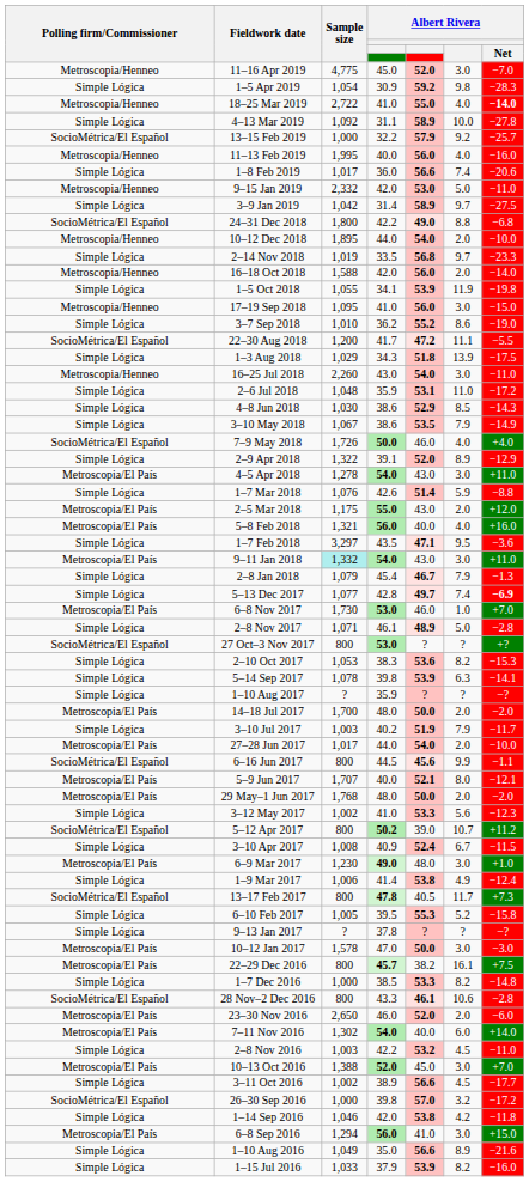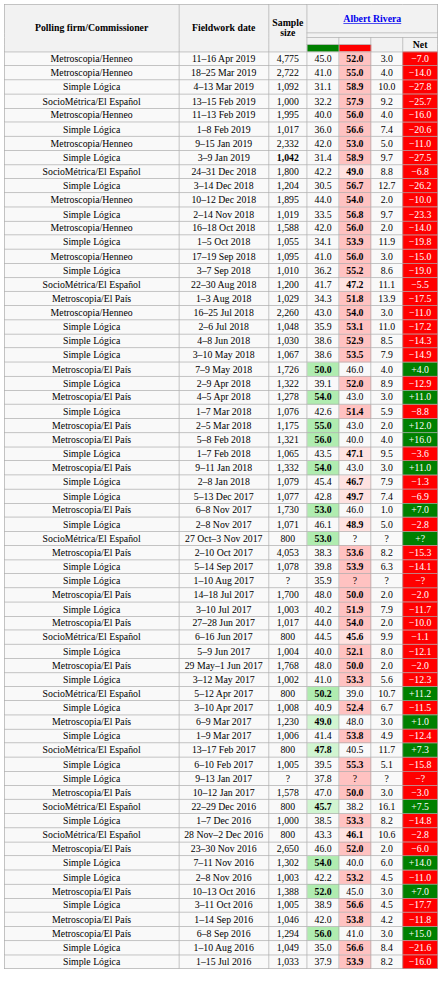 <table class="wikitable collapsible collapsed" style="text-align:center; font-size:90%; line-height:14px;">
 <tr style="height:42px;">
 <th style="width:250px;" rowspan="4">Polling firm/Commissioner</th>
 <th style="width:125px;" rowspan="4">Fieldwork date</th>
 <th style="width:50px;" rowspan="4">Sample size</th>
 <th style="width:185px;" colspan="4"><a href='#'>Albert Rivera</a><br></th>
 </tr>
 <tr>
 <th colspan="4" style="background:"></th>
 </tr>
 <tr>
 <th style="width:30px;"></th>
 <th style="width:30px;"></th>
 <th style="width:30px;" rowspan="2"></th>
 <th style="width:30px;" rowspan="2">Net</th>
 </tr>
 <tr>
 <th style="color:inherit;background:#008000;"></th>
 <th style="color:inherit;background:#FF0000;"></th>
 </tr>
 <tr>
 <td>Metroscopia/Henneo</td>
 <td>11–16 Apr 2019</td>
 <td>4,775</td>
 <td>45.0</td>
 <td style="background:#FFC2C1;"><strong>52.0</strong></td>
 <td>3.0</td>
 <td style="background:#FF0000; color:white;">−7.0</td>
 </tr>
 <tr>
-<td>Simple Lógica</td>
-<td>1–5 Apr 2019</td>
-<td>1,054</td>
-<td>30.9</td>
-<td style="background:#FFC2C1;"><strong>59.2</strong></td>
-<td>9.8</td>
-<td style="background:#FF0000; color:white;">−28.3</td>
-</tr>
-<tr>
 <td>Metroscopia/Henneo</td>
 <td>18–25 Mar 2019</td>
 <td>2,722</td>
 <td>41.0</td>
 <td style="background:#FFC2C1;"><strong>55.0</strong></td>
 <td>4.0</td>
-<td style="background:#FF0000; color:white;"><strong>−14.0</strong></td>
+<td style="background:#FF0000; color:white;">−14.0</td>
 </tr>
 <tr>
 <td>Simple Lógica</td>
 <td>4–13 Mar 2019</td>
 <td>1,092</td>
 <td>31.1</td>
 <td style="background:#FFC2C1;"><strong>58.9</strong></td>
 <td>10.0</td>
 <td style="background:#FF0000; color:white;">−27.8</td>
 </tr>
 <tr>
 <td>SocioMétrica/El Español</td>
 <td>13–15 Feb 2019</td>
 <td>1,000</td>
 <td>32.2</td>
 <td style="background:#FFC2C1;"><strong>57.9</strong></td>
 <td>9.2</td>
 <td style="background:#FF0000; color:white;">−25.7</td>
 </tr>
 <tr>
 <td>Metroscopia/Henneo</td>
 <td>11–13 Feb 2019</td>
 <td>1,995</td>
 <td>40.0</td>
 <td style="background:#FFC2C1;"><strong>56.0</strong></td>
 <td>4.0</td>
 <td style="background:#FF0000; color:white;">−16.0</td>
 </tr>
 <tr>
 <td>Simple Lógica</td>
 <td>1–8 Feb 2019</td>
 <td>1,017</td>
 <td>36.0</td>
 <td style="background:#FFC2C1;"><strong>56.6</strong></td>
 <td>7.4</td>
 <td style="background:#FF0000; color:white;">−20.6</td>
 </tr>
 <tr>
 <td>Metroscopia/Henneo</td>
 <td>9–15 Jan 2019</td>
 <td>2,332</td>
 <td>42.0</td>
 <td style="background:#FFC2C1;"><strong>53.0</strong></td>
 <td>5.0</td>
 <td style="background:#FF0000; color:white;">−11.0</td>
 </tr>
 <tr>
 <td>Simple Lógica</td>
 <td>3–9 Jan 2019</td>
-<td>1,042</td>
+<td><strong>1,042</strong></td>
 <td>31.4</td>
 <td style="background:#FFC2C1;"><strong>58.9</strong></td>
 <td>9.7</td>
 <td style="background:#FF0000; color:white;">−27.5</td>
 </tr>
 <tr>
 <td>SocioMétrica/El Español</td>
 <td>24–31 Dec 2018</td>
 <td>1,800</td>
 <td>42.2</td>
 <td style="background:#FFE2E1;"><strong>49.0</strong></td>
 <td>8.8</td>
 <td style="background:#FF0000; color:white;">−6.8</td>
+</tr>
+<tr>
+<td>Simple Lógica</td>
+<td>3–14 Dec 2018</td>
+<td>1,204</td>
+<td>30.5</td>
+<td style="background:#FFC2C1;"><strong>56.7</strong></td>
+<td>12.7</td>
+<td style="background:#FF0000; color:white;">−26.2</td>
 </tr>
 <tr>
 <td>Metroscopia/Henneo</td>
 <td>10–12 Dec 2018</td>
 <td>1,895</td>
 <td>44.0</td>
 <td style="background:#FFC2C1;"><strong>54.0</strong></td>
 <td>2.0</td>
 <td style="background:#FF0000; color:white;">−10.0</td>
 </tr>
 <tr>
 <td>Simple Lógica</td>
 <td>2–14 Nov 2018</td>
 <td>1,019</td>
 <td>33.5</td>
 <td style="background:#FFC2C1;"><strong>56.8</strong></td>
 <td>9.7</td>
 <td style="background:#FF0000; color:white;">−23.3</td>
 </tr>
 <tr>
 <td>Metroscopia/Henneo</td>
 <td>16–18 Oct 2018</td>
 <td>1,588</td>
 <td>42.0</td>
 <td style="background:#FFC2C1;"><strong>56.0</strong></td>
 <td>2.0</td>
 <td style="background:#FF0000; color:white;">−14.0</td>
 </tr>
 <tr>
 <td>Simple Lógica</td>
 <td>1–5 Oct 2018</td>
 <td>1,055</td>
 <td>34.1</td>
 <td style="background:#FFC2C1;"><strong>53.9</strong></td>
 <td>11.9</td>
 <td style="background:#FF0000; color:white;">−19.8</td>
 </tr>
 <tr>
 <td>Metroscopia/Henneo</td>
 <td>17–19 Sep 2018</td>
 <td>1,095</td>
 <td>41.0</td>
 <td style="background:#FFC2C1;"><strong>56.0</strong></td>
 <td>3.0</td>
 <td style="background:#FF0000; color:white;">−15.0</td>
 </tr>
 <tr>
 <td>Simple Lógica</td>
 <td>3–7 Sep 2018</td>
 <td>1,010</td>
 <td>36.2</td>
 <td style="background:#FFC2C1;"><strong>55.2</strong></td>
 <td>8.6</td>
 <td style="background:#FF0000; color:white;">−19.0</td>
 </tr>
 <tr>
 <td>SocioMétrica/El Español</td>
 <td>22–30 Aug 2018</td>
 <td>1,200</td>
 <td>41.7</td>
 <td style="background:#FFE2E1;"><strong>47.2</strong></td>
 <td>11.1</td>
 <td style="background:#FF0000; color:white;">−5.5</td>
 </tr>
 <tr>
-<td>Simple Lógica</td>
+<td>Metroscopia/El País</td>
 <td>1–3 Aug 2018</td>
 <td>1,029</td>
 <td>34.3</td>
 <td style="background:#FFC2C1;"><strong>51.8</strong></td>
 <td>13.9</td>
 <td style="background:#FF0000; color:white;">−17.5</td>
 </tr>
 <tr>
 <td>Metroscopia/Henneo</td>
 <td>16–25 Jul 2018</td>
 <td>2,260</td>
 <td>43.0</td>
 <td style="background:#FFC2C1;"><strong>54.0</strong></td>
 <td>3.0</td>
 <td style="background:#FF0000; color:white;">−11.0</td>
 </tr>
 <tr>
 <td>Simple Lógica</td>
 <td>2–6 Jul 2018</td>
 <td>1,048</td>
 <td>35.9</td>
 <td style="background:#FFC2C1;"><strong>53.1</strong></td>
 <td>11.0</td>
 <td style="background:#FF0000; color:white;">−17.2</td>
 </tr>
 <tr>
 <td>Simple Lógica</td>
 <td>4–8 Jun 2018</td>
 <td>1,030</td>
 <td>38.6</td>
 <td style="background:#FFC2C1;"><strong>52.9</strong></td>
 <td>8.5</td>
 <td style="background:#FF0000; color:white;">−14.3</td>
 </tr>
 <tr>
 <td>Simple Lógica</td>
 <td>3–10 May 2018</td>
 <td>1,067</td>
 <td>38.6</td>
 <td style="background:#FFC2C1;"><strong>53.5</strong></td>
 <td>7.9</td>
 <td style="background:#FF0000; color:white;">−14.9</td>
 </tr>
 <tr>
-<td>SocioMétrica/El Español</td>
+<td>Metroscopia/El País</td>
 <td>7–9 May 2018</td>
 <td>1,726</td>
 <td style="background:#B0ECB0;"><strong>50.0</strong></td>
 <td>46.0</td>
 <td>4.0</td>
 <td style="background:#008000; color:white;">+4.0</td>
 </tr>
 <tr>
 <td>Simple Lógica</td>
 <td>2–9 Apr 2018</td>
 <td>1,322</td>
 <td>39.1</td>
 <td style="background:#FFC2C1;"><strong>52.0</strong></td>
 <td>8.9</td>
 <td style="background:#FF0000; color:white;">−12.9</td>
 </tr>
 <tr>
 <td>Metroscopia/El País</td>
 <td>4–5 Apr 2018</td>
 <td>1,278</td>
 <td style="background:#B0ECB0;"><strong>54.0</strong></td>
 <td>43.0</td>
 <td>3.0</td>
 <td style="background:#008000; color:white;">+11.0</td>
 </tr>
 <tr>
 <td>Simple Lógica</td>
 <td>1–7 Mar 2018</td>
 <td>1,076</td>
 <td>42.6</td>
 <td style="background:#FFC2C1;"><strong>51.4</strong></td>
 <td>5.9</td>
 <td style="background:#FF0000; color:white;">−8.8</td>
 </tr>
 <tr>
 <td>Metroscopia/El País</td>
 <td>2–5 Mar 2018</td>
 <td>1,175</td>
 <td style="background:#B0ECB0;"><strong>55.0</strong></td>
 <td>43.0</td>
 <td>2.0</td>
 <td style="background:#008000; color:white;">+12.0</td>
 </tr>
 <tr>
 <td>Metroscopia/El País</td>
 <td>5–8 Feb 2018</td>
 <td>1,321</td>
 <td style="background:#B0ECB0;"><strong>56.0</strong></td>
 <td>40.0</td>
 <td>4.0</td>
 <td style="background:#008000; color:white;">+16.0</td>
 </tr>
 <tr>
 <td>Simple Lógica</td>
 <td>1–7 Feb 2018</td>
-<td>3,297</td>
+<td>1,065</td>
 <td>43.5</td>
 <td style="background:#FFE2E1;"><strong>47.1</strong></td>
 <td>9.5</td>
 <td style="background:#FF0000; color:white;">−3.6</td>
 </tr>
 <tr>
 <td>Metroscopia/El País</td>
 <td>9–11 Jan 2018</td>
-<td style="background: paleturquoise;">1,332</td>
+<td>1,332</td>
 <td style="background:#B0ECB0;"><strong>54.0</strong></td>
 <td>43.0</td>
 <td>3.0</td>
 <td style="background:#008000; color:white;">+11.0</td>
 </tr>
 <tr>
 <td>Simple Lógica</td>
 <td>2–8 Jan 2018</td>
 <td>1,079</td>
 <td>45.4</td>
 <td style="background:#FFE2E1;"><strong>46.7</strong></td>
 <td>7.9</td>
 <td style="background:#FF0000; color:white;">−1.3</td>
 </tr>
 <tr>
 <td>Simple Lógica</td>
 <td>5–13 Dec 2017</td>
 <td>1,077</td>
 <td>42.8</td>
 <td style="background:#FFE2E1;"><strong>49.7</strong></td>
 <td>7.4</td>
-<td style="background:#FF0000; color:white;"><strong>−6.9</strong></td>
+<td style="background:#FF0000; color:white;">−6.9</td>
 </tr>
 <tr>
 <td>Metroscopia/El País</td>
 <td>6–8 Nov 2017</td>
 <td>1,730</td>
 <td style="background:#B0ECB0;"><strong>53.0</strong></td>
 <td>46.0</td>
 <td>1.0</td>
 <td style="background:#008000; color:white;">+7.0</td>
 </tr>
 <tr>
 <td>Simple Lógica</td>
 <td>2–8 Nov 2017</td>
 <td>1,071</td>
 <td>46.1</td>
 <td style="background:#FFE2E1;"><strong>48.9</strong></td>
 <td>5.0</td>
 <td style="background:#FF0000; color:white;">−2.8</td>
 </tr>
 <tr>
 <td>SocioMétrica/El Español</td>
 <td>27 Oct–3 Nov 2017</td>
 <td>800</td>
 <td style="background:#B0ECB0;"><strong>53.0</strong></td>
 <td>?</td>
 <td>?</td>
 <td style="background:#008000; color:white;">+?</td>
 </tr>
 <tr>
-<td>Simple Lógica</td>
+<td>Metroscopia/El País</td>
 <td>2–10 Oct 2017</td>
-<td>1,053</td>
+<td>4,053</td>
 <td>38.3</td>
 <td style="background:#FFC2C1;"><strong>53.6</strong></td>
 <td>8.2</td>
 <td style="background:#FF0000; color:white;">−15.3</td>
 </tr>
 <tr>
 <td>Simple Lógica</td>
 <td>5–14 Sep 2017</td>
 <td>1,078</td>
 <td>39.8</td>
 <td style="background:#FFC2C1;"><strong>53.9</strong></td>
 <td>6.3</td>
 <td style="background:#FF0000; color:white;">−14.1</td>
 </tr>
 <tr>
 <td>Simple Lógica</td>
 <td>1–10 Aug 2017</td>
 <td>?</td>
 <td>35.9</td>
 <td style="background:#FFC2C1;">?</td>
 <td>?</td>
 <td style="background:#FF0000; color:white;">−?</td>
 </tr>
 <tr>
 <td>Metroscopia/El País</td>
 <td>14–18 Jul 2017</td>
 <td>1,700</td>
 <td>48.0</td>
 <td style="background:#FFC2C1;"><strong>50.0</strong></td>
 <td>2.0</td>
 <td style="background:#FF0000; color:white;">−2.0</td>
 </tr>
 <tr>
 <td>Simple Lógica</td>
 <td>3–10 Jul 2017</td>
 <td>1,003</td>
 <td>40.2</td>
 <td style="background:#FFC2C1;"><strong>51.9</strong></td>
 <td>7.9</td>
 <td style="background:#FF0000; color:white;">−11.7</td>
 </tr>
 <tr>
 <td>Metroscopia/El País</td>
 <td>27–28 Jun 2017</td>
 <td>1,017</td>
 <td>44.0</td>
 <td style="background:#FFC2C1;"><strong>54.0</strong></td>
 <td>2.0</td>
 <td style="background:#FF0000; color:white;">−10.0</td>
 </tr>
 <tr>
 <td>SocioMétrica/El Español</td>
 <td>6–16 Jun 2017</td>
 <td>800</td>
 <td>44.5</td>
 <td style="background:#FFE2E1;"><strong>45.6</strong></td>
 <td>9.9</td>
 <td style="background:#FF0000; color:white;">−1.1</td>
 </tr>
 <tr>
-<td>Metroscopia/El País</td>
+<td>Simple Lógica</td>
 <td>5–9 Jun 2017</td>
-<td>1,707</td>
+<td>1,004</td>
 <td>40.0</td>
 <td style="background:#FFC2C1;"><strong>52.1</strong></td>
 <td>8.0</td>
 <td style="background:#FF0000; color:white;">−12.1</td>
 </tr>
 <tr>
 <td>Metroscopia/El País</td>
 <td>29 May–1 Jun 2017</td>
 <td>1,768</td>
 <td>48.0</td>
 <td style="background:#FFC2C1;"><strong>50.0</strong></td>
 <td>2.0</td>
 <td style="background:#FF0000; color:white;">−2.0</td>
 </tr>
 <tr>
 <td>Simple Lógica</td>
 <td>3–12 May 2017</td>
 <td>1,002</td>
 <td>41.0</td>
 <td style="background:#FFC2C1;"><strong>53.3</strong></td>
 <td>5.6</td>
 <td style="background:#FF0000; color:white;">−12.3</td>
 </tr>
 <tr>
 <td>SocioMétrica/El Español</td>
 <td>5–12 Apr 2017</td>
 <td>800</td>
 <td style="background:#B0ECB0;"><strong>50.2</strong></td>
 <td>39.0</td>
 <td>10.7</td>
 <td style="background:#008000; color:white;">+11.2</td>
 </tr>
 <tr>
 <td>Simple Lógica</td>
 <td>3–10 Apr 2017</td>
 <td>1,008</td>
 <td>40.9</td>
 <td style="background:#FFC2C1;"><strong>52.4</strong></td>
 <td>6.7</td>
 <td style="background:#FF0000; color:white;">−11.5</td>
 </tr>
 <tr>
 <td>Metroscopia/El País</td>
 <td>6–9 Mar 2017</td>
 <td>1,230</td>
 <td style="background:#D1F5D1;"><strong>49.0</strong></td>
 <td>48.0</td>
 <td>3.0</td>
 <td style="background:#008000; color:white;">+1.0</td>
 </tr>
 <tr>
 <td>Simple Lógica</td>
 <td>1–9 Mar 2017</td>
 <td>1,006</td>
 <td>41.4</td>
 <td style="background:#FFC2C1;"><strong>53.8</strong></td>
 <td>4.9</td>
 <td style="background:#FF0000; color:white;">−12.4</td>
 </tr>
 <tr>
 <td>SocioMétrica/El Español</td>
 <td>13–17 Feb 2017</td>
 <td>800</td>
 <td style="background:#D1F5D1;"><strong>47.8</strong></td>
 <td>40.5</td>
 <td>11.7</td>
 <td style="background:#008000; color:white;">+7.3</td>
 </tr>
 <tr>
 <td>Simple Lógica</td>
 <td>6–10 Feb 2017</td>
 <td>1,005</td>
 <td>39.5</td>
 <td style="background:#FFC2C1;"><strong>55.3</strong></td>
-<td>5.2</td>
+<td>5.1</td>
 <td style="background:#FF0000; color:white;">−15.8</td>
 </tr>
 <tr>
 <td>Simple Lógica</td>
 <td>9–13 Jan 2017</td>
 <td>?</td>
 <td>37.8</td>
 <td style="background:#FFC2C1;">?</td>
 <td>?</td>
 <td style="background:#FF0000; color:white;">−?</td>
 </tr>
 <tr>
 <td>Metroscopia/El País</td>
 <td>10–12 Jan 2017</td>
 <td>1,578</td>
 <td>47.0</td>
 <td style="background:#FFC2C1;"><strong>50.0</strong></td>
 <td>3.0</td>
 <td style="background:#FF0000; color:white;">−3.0</td>
 </tr>
 <tr>
-<td>Metroscopia/El País</td>
+<td>SocioMétrica/El Español</td>
 <td>22–29 Dec 2016</td>
 <td>800</td>
 <td style="background:#D1F5D1;"><strong>45.7</strong></td>
 <td>38.2</td>
 <td>16.1</td>
 <td style="background:#008000; color:white;">+7.5</td>
 </tr>
 <tr>
 <td>Simple Lógica</td>
 <td>1–7 Dec 2016</td>
 <td>1,000</td>
 <td>38.5</td>
 <td style="background:#FFC2C1;"><strong>53.3</strong></td>
 <td>8.2</td>
 <td style="background:#FF0000; color:white;">−14.8</td>
 </tr>
 <tr>
 <td>SocioMétrica/El Español</td>
 <td>28 Nov–2 Dec 2016</td>
 <td>800</td>
 <td>43.3</td>
 <td style="background:#FFE2E1;"><strong>46.1</strong></td>
 <td>10.6</td>
 <td style="background:#FF0000; color:white;">−2.8</td>
 </tr>
 <tr>
 <td>Metroscopia/El País</td>
 <td>23–30 Nov 2016</td>
 <td>2,650</td>
 <td>46.0</td>
 <td style="background:#FFC2C1;"><strong>52.0</strong></td>
 <td>2.0</td>
 <td style="background:#FF0000; color:white;">−6.0</td>
 </tr>
 <tr>
-<td>Metroscopia/El País</td>
+<td>Simple Lógica</td>
 <td>7–11 Nov 2016</td>
 <td>1,302</td>
 <td style="background:#B0ECB0;"><strong>54.0</strong></td>
 <td>40.0</td>
 <td>6.0</td>
 <td style="background:#008000; color:white;">+14.0</td>
 </tr>
 <tr>
 <td>Simple Lógica</td>
 <td>2–8 Nov 2016</td>
 <td>1,003</td>
 <td>42.2</td>
 <td style="background:#FFC2C1;"><strong>53.2</strong></td>
 <td>4.5</td>
 <td style="background:#FF0000; color:white;">−11.0</td>
 </tr>
 <tr>
 <td>Metroscopia/El País</td>
 <td>10–13 Oct 2016</td>
 <td>1,388</td>
 <td style="background:#B0ECB0;"><strong>52.0</strong></td>
 <td>45.0</td>
 <td>3.0</td>
 <td style="background:#008000; color:white;">+7.0</td>
 </tr>
 <tr>
 <td>Simple Lógica</td>
 <td>3–11 Oct 2016</td>
-<td>1,002</td>
+<td>1,005</td>
 <td>38.9</td>
 <td style="background:#FFC2C1;"><strong>56.6</strong></td>
 <td>4.5</td>
 <td style="background:#FF0000; color:white;">−17.7</td>
 </tr>
 <tr>
-<td>SocioMétrica/El Español</td>
-<td>26–30 Sep 2016</td>
-<td>1,000</td>
-<td>39.8</td>
-<td style="background:#FFC2C1;"><strong>57.0</strong></td>
-<td>3.2</td>
-<td style="background:#FF0000; color:white;">−17.2</td>
-</tr>
-<tr>
-<td>Simple Lógica</td>
+<td>Metroscopia/El País</td>
 <td>1–14 Sep 2016</td>
 <td>1,046</td>
 <td>42.0</td>
 <td style="background:#FFC2C1;"><strong>53.8</strong></td>
 <td>4.2</td>
 <td style="background:#FF0000; color:white;">−11.8</td>
 </tr>
 <tr>
 <td>Metroscopia/El País</td>
 <td>6–8 Sep 2016</td>
 <td>1,294</td>
 <td style="background:#B0ECB0;"><strong>56.0</strong></td>
 <td>41.0</td>
 <td>3.0</td>
 <td style="background:#008000; color:white;">+15.0</td>
 </tr>
 <tr>
 <td>Simple Lógica</td>
 <td>1–10 Aug 2016</td>
 <td>1,049</td>
 <td>35.0</td>
 <td style="background:#FFC2C1;"><strong>56.6</strong></td>
-<td>8.9</td>
+<td>8.4</td>
 <td style="background:#FF0000; color:white;">−21.6</td>
 </tr>
 <tr>
 <td>Simple Lógica</td>
 <td>1–15 Jul 2016</td>
 <td>1,033</td>
 <td>37.9</td>
 <td style="background:#FFC2C1;"><strong>53.9</strong></td>
 <td>8.2</td>
 <td style="background:#FF0000; color:white;">−16.0</td>
 </tr>
 </table>
